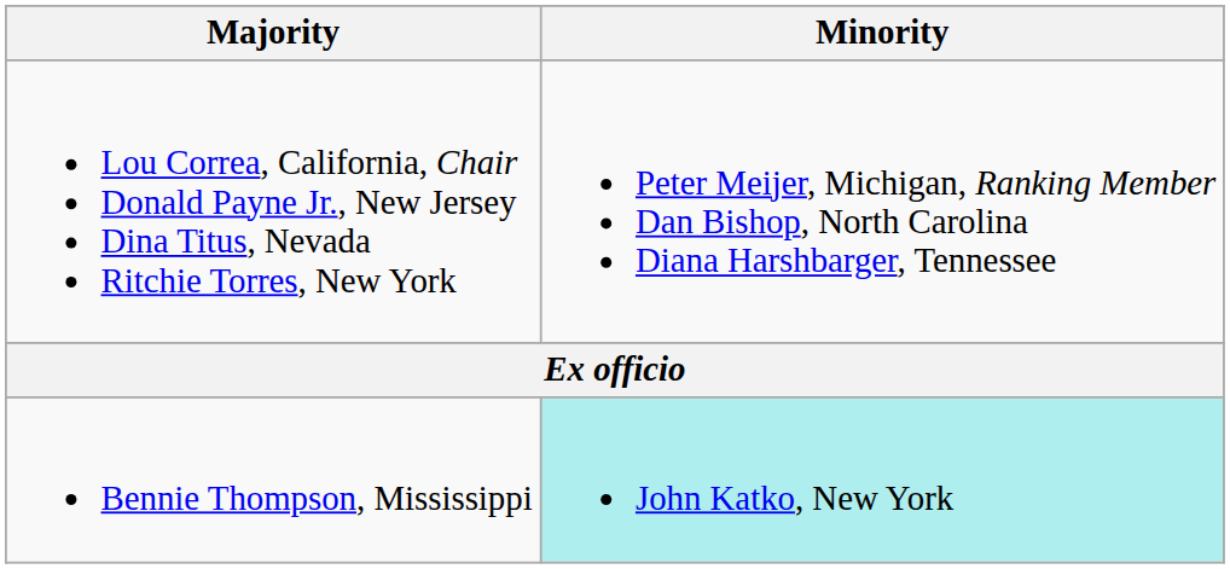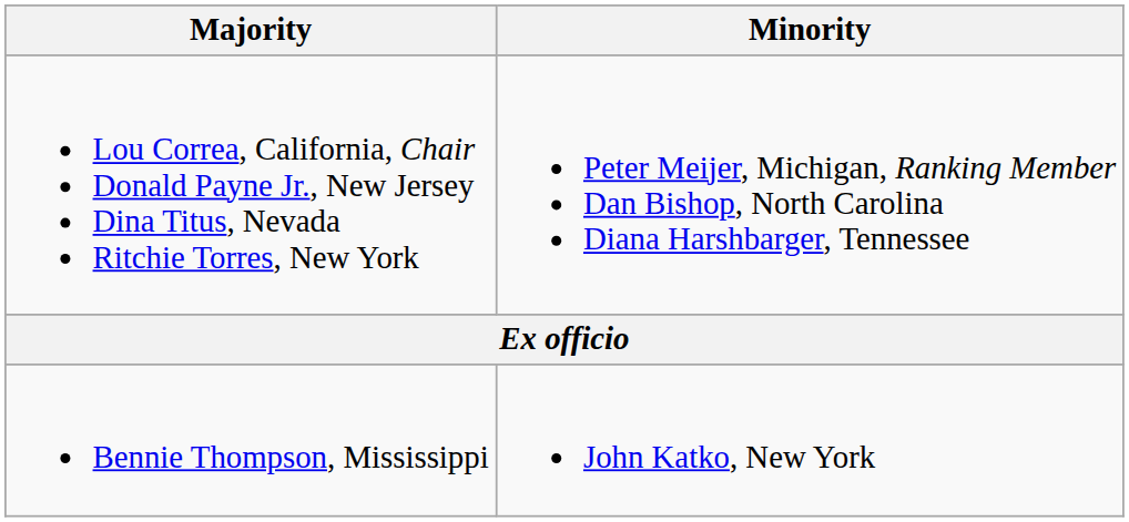 <table class=wikitable>
 <tr>
 <th>Majority</th>
 <th>Minority</th>
 </tr>
 <tr>
 <td><br><ul><li><a href='#'>Lou Correa</a>, California, <em>Chair</em></li><li><a href='#'>Donald Payne Jr.</a>, New Jersey</li><li><a href='#'>Dina Titus</a>, Nevada</li><li><a href='#'>Ritchie Torres</a>, New York</li></ul></td>
 <td><br><ul><li><a href='#'>Peter Meijer</a>, Michigan, <em>Ranking Member</em></li><li><a href='#'>Dan Bishop</a>, North Carolina</li><li><a href='#'>Diana Harshbarger</a>, Tennessee</li></ul></td>
 </tr>
 <tr>
 <th colspan=2><em>Ex officio</em></th>
 </tr>
 <tr>
 <td><br><ul><li><a href='#'>Bennie Thompson</a>, Mississippi</li></ul></td>
-<td style="background: paleturquoise;"><br><ul><li><a href='#'>John Katko</a>, New York</li></ul></td>
+<td><br><ul><li><a href='#'>John Katko</a>, New York</li></ul></td>
 </tr>
 </table>
